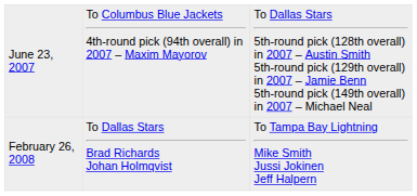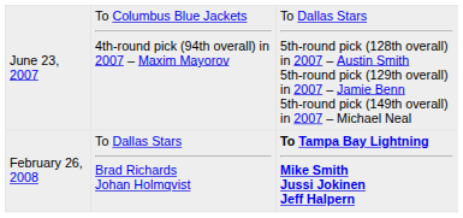 <table border=1 style="border-collapse:collapse" bordercolor="#DFDFDF"  cellpadding="5" width=90%>
 <tr bgcolor="#eeeeee">
 <td>June 23, <a href='#'>2007</a><br></td>
 <td valign="top">To <a href='#'>Columbus Blue Jackets</a> <hr>4th-round pick (94th overall) in <a href='#'>2007</a> – <a href='#'>Maxim Mayorov</a></td>
 <td valign="top">To <a href='#'>Dallas Stars</a> <hr>5th-round pick (128th overall) in <a href='#'>2007</a> – <a href='#'>Austin Smith</a> <br> 5th-round pick (129th overall) in <a href='#'>2007</a> – <a href='#'>Jamie Benn</a><br> 5th-round pick (149th overall) in <a href='#'>2007</a> – Michael Neal</td>
 </tr>
 <tr bgcolor="#eeeeee">
 <td>February 26, <a href='#'>2008</a><br></td>
 <td valign="top">To <a href='#'>Dallas Stars</a> <hr> <a href='#'>Brad Richards</a> <br> <a href='#'>Johan Holmqvist</a></td>
-<td valign="top">To <a href='#'>Tampa Bay Lightning</a> <hr> <a href='#'>Mike Smith</a> <br> <a href='#'>Jussi Jokinen</a> <br> <a href='#'>Jeff Halpern</a></td>
+<td valign="top"><strong>To <a href='#'>Tampa Bay Lightning</a> <hr> <a href='#'>Mike Smith</a> <br> <a href='#'>Jussi Jokinen</a> <br> <a href='#'>Jeff Halpern</a></strong></td>
 </tr>
 </table>
